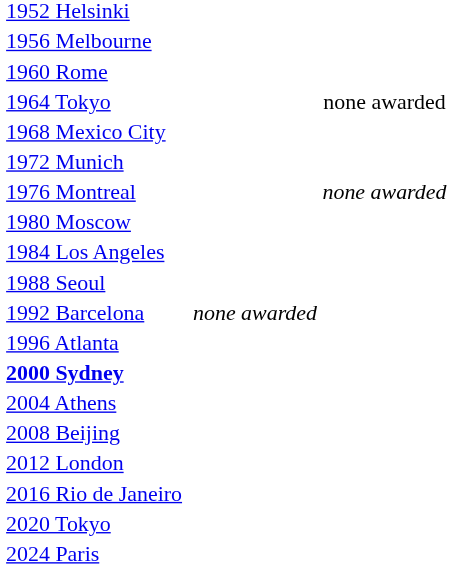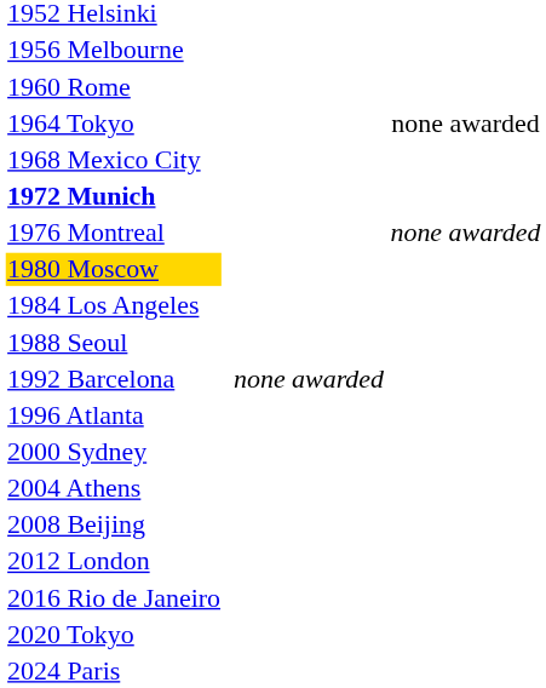 <table>
 <tr valign="top">
 <td><a href='#'>1952 Helsinki</a><br></td>
 <td></td>
 <td></td>
 <td></td>
 </tr>
 <tr valign="top">
 <td rowspan="2"><a href='#'>1956 Melbourne</a><br></td>
 <td rowspan="2"></td>
 <td rowspan="2"></td>
 <td></td>
 </tr>
 <tr>
 <td></td>
 </tr>
 <tr valign="top">
 <td><a href='#'>1960 Rome</a><br></td>
 <td></td>
 <td></td>
 <td></td>
 </tr>
 <tr valign="top">
 <td rowspan="2"><a href='#'>1964 Tokyo</a><br></td>
 <td rowspan="2"></td>
 <td></td>
 <td rowspan="2" align="center">none awarded</td>
 </tr>
 <tr>
 <td></td>
 </tr>
 <tr valign="top">
 <td><a href='#'>1968 Mexico City</a><br></td>
 <td></td>
 <td></td>
 <td></td>
 </tr>
 <tr valign="top">
-<td><a href='#'>1972 Munich</a><br></td>
+<td><strong><a href='#'>1972 Munich</a><br></strong></td>
 <td></td>
 <td></td>
 <td></td>
 </tr>
 <tr valign="top">
 <td rowspan="2"><a href='#'>1976 Montreal</a><br></td>
 <td rowspan="2"></td>
 <td></td>
 <td rowspan="2" align="center"><em>none awarded</em></td>
 </tr>
 <tr>
 <td></td>
 </tr>
 <tr valign="top">
-<td><a href='#'>1980 Moscow</a><br></td>
+<td style="background: gold;"><a href='#'>1980 Moscow</a><br></td>
 <td></td>
 <td></td>
 <td></td>
 </tr>
 <tr valign="top">
 <td><a href='#'>1984 Los Angeles</a><br></td>
 <td></td>
 <td></td>
 <td></td>
 </tr>
 <tr valign="top">
 <td><a href='#'>1988 Seoul</a><br></td>
 <td></td>
 <td></td>
 <td></td>
 </tr>
 <tr valign="top">
 <td rowspan="2"><a href='#'>1992 Barcelona</a><br></td>
 <td></td>
 <td rowspan="2" align="center"><em>none awarded</em></td>
 <td rowspan="2"></td>
 </tr>
 <tr>
 <td></td>
 </tr>
 <tr valign="top">
 <td><a href='#'>1996 Atlanta</a><br></td>
 <td></td>
 <td></td>
 <td></td>
 </tr>
 <tr>
-<td><strong><a href='#'>2000 Sydney</a><br></strong></td>
+<td><a href='#'>2000 Sydney</a><br></td>
 <td></td>
 <td></td>
 <td></td>
 </tr>
 <tr>
 <td><a href='#'>2004 Athens</a><br></td>
 <td></td>
 <td></td>
 <td></td>
 </tr>
 <tr>
 <td><a href='#'>2008 Beijing</a><br></td>
 <td></td>
 <td></td>
 <td></td>
 </tr>
 <tr>
 <td><a href='#'>2012 London</a><br></td>
 <td></td>
 <td></td>
 <td></td>
 </tr>
 <tr>
 <td><a href='#'>2016 Rio de Janeiro</a><br></td>
 <td></td>
 <td></td>
 <td></td>
 </tr>
 <tr>
 <td><a href='#'>2020 Tokyo</a><br></td>
 <td></td>
 <td></td>
 <td></td>
 </tr>
 <tr>
 <td><a href='#'>2024 Paris</a> <br></td>
 <td></td>
 <td></td>
 <td></td>
 </tr>
 <tr>
 </tr>
 </table>
